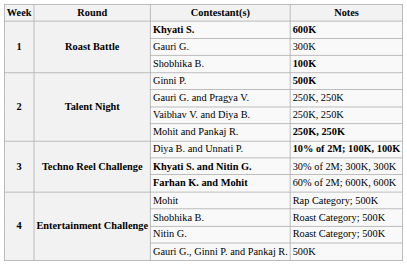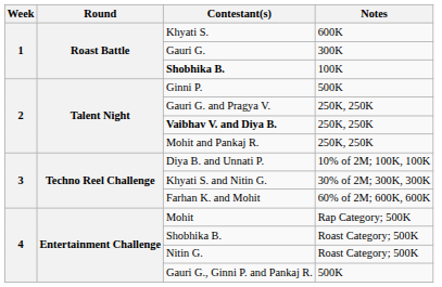 <table class="wikitable" style=font-size:85%;>
 <tr>
 <th>Week</th>
 <th>Round</th>
 <th>Contestant(s)</th>
 <th>Notes</th>
 </tr>
 <tr>
 <th rowspan="3">1</th>
 <th rowspan="3">Roast Battle</th>
-<td><strong>Khyati S.</strong></td>
-<td><strong>600K</strong></td>
+<td>Khyati S.</td>
+<td>600K</td>
 </tr>
 <tr>
 <td>Gauri G.</td>
 <td>300K</td>
 </tr>
 <tr>
-<td>Shobhika B.</td>
-<td><strong>100K</strong></td>
+<td><strong>Shobhika B.</strong></td>
+<td>100K</td>
 </tr>
 <tr>
 <th rowspan="4">2</th>
 <th rowspan="4">Talent Night</th>
 <td>Ginni P.</td>
-<td><strong>500K</strong></td>
+<td>500K</td>
 </tr>
 <tr>
 <td>Gauri G. and Pragya V.</td>
 <td>250K, 250K</td>
 </tr>
 <tr>
-<td>Vaibhav V. and Diya B.</td>
+<td><strong>Vaibhav V. and Diya B.</strong></td>
 <td>250K, 250K</td>
 </tr>
 <tr>
 <td>Mohit and Pankaj R.</td>
-<td><strong>250K, 250K</strong></td>
+<td>250K, 250K</td>
 </tr>
 <tr>
 <th rowspan="3">3</th>
 <th rowspan="3">Techno Reel Challenge</th>
 <td>Diya B. and Unnati P.</td>
-<td><strong>10% of 2M; 100K, 100K</strong></td>
+<td>10% of 2M; 100K, 100K</td>
 </tr>
 <tr>
-<td><strong>Khyati S. and Nitin G.</strong></td>
+<td>Khyati S. and Nitin G.</td>
 <td>30% of 2M; 300K, 300K</td>
 </tr>
 <tr>
-<td><strong>Farhan K. and Mohit</strong></td>
+<td>Farhan K. and Mohit</td>
 <td>60% of 2M; 600K, 600K</td>
 </tr>
 <tr>
 <th rowspan="4">4</th>
 <th rowspan="4">Entertainment Challenge</th>
 <td>Mohit</td>
 <td>Rap Category; 500K</td>
 </tr>
 <tr>
 <td>Shobhika B.</td>
 <td>Roast Category; 500K</td>
 </tr>
 <tr>
 <td>Nitin G.</td>
 <td>Roast Category; 500K</td>
 </tr>
 <tr>
 <td>Gauri G., Ginni P. and Pankaj R.</td>
 <td>500K</td>
 </tr>
 </table>
